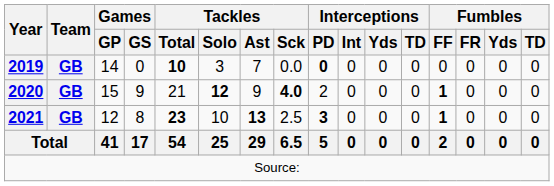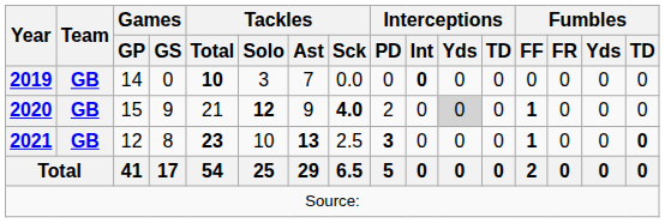 <table class="wikitable" style="text-align:center;">
 <tr>
 <th rowspan="2">Year</th>
 <th rowspan="2">Team</th>
 <th colspan="2">Games</th>
 <th colspan="4">Tackles</th>
 <th colspan="4">Interceptions</th>
 <th colspan="4">Fumbles</th>
 </tr>
 <tr>
 <th>GP</th>
 <th>GS</th>
 <th>Total</th>
 <th>Solo</th>
 <th>Ast</th>
 <th>Sck</th>
 <th>PD</th>
 <th>Int</th>
 <th>Yds</th>
 <th>TD</th>
 <th>FF</th>
 <th>FR</th>
 <th>Yds</th>
 <th>TD</th>
 </tr>
 <tr>
 <th><a href='#'>2019</a></th>
 <th><a href='#'>GB</a></th>
 <td>14</td>
 <td>0</td>
 <td><strong>10</strong></td>
 <td>3</td>
 <td>7</td>
 <td>0.0</td>
+<td>0</td>
 <td><strong>0</strong></td>
-<td>0</td>
 <td>0</td>
 <td>0</td>
 <td>0</td>
 <td>0</td>
 <td>0</td>
 <td>0</td>
 </tr>
 <tr>
 <th><a href='#'>2020</a></th>
 <th><a href='#'>GB</a></th>
 <td>15</td>
 <td>9</td>
 <td>21</td>
 <td><strong>12</strong></td>
 <td>9</td>
 <td><strong>4.0</strong></td>
 <td>2</td>
 <td>0</td>
-<td>0</td>
+<td style="background: lightgrey;">0</td>
 <td>0</td>
 <td><strong>1</strong></td>
 <td>0</td>
 <td>0</td>
 <td>0</td>
 </tr>
 <tr>
 <th><a href='#'>2021</a></th>
 <th><a href='#'>GB</a></th>
 <td>12</td>
 <td>8</td>
 <td><strong>23</strong></td>
 <td>10</td>
 <td><strong>13</strong></td>
 <td>2.5</td>
 <td><strong>3</strong></td>
 <td>0</td>
 <td>0</td>
 <td>0</td>
 <td><strong>1</strong></td>
 <td>0</td>
 <td>0</td>
-<td>0</td>
+<td><strong>0</strong></td>
 </tr>
 <tr>
 <th colspan="2">Total</th>
 <th>41</th>
 <th>17</th>
 <th>54</th>
 <th>25</th>
 <th>29</th>
 <th>6.5</th>
 <th>5</th>
 <th>0</th>
 <th>0</th>
 <th>0</th>
 <th>2</th>
 <th>0</th>
 <th>0</th>
 <th>0</th>
 </tr>
 <tr>
 <td colspan=16><small>Source: </small></td>
 </tr>
 </table>
